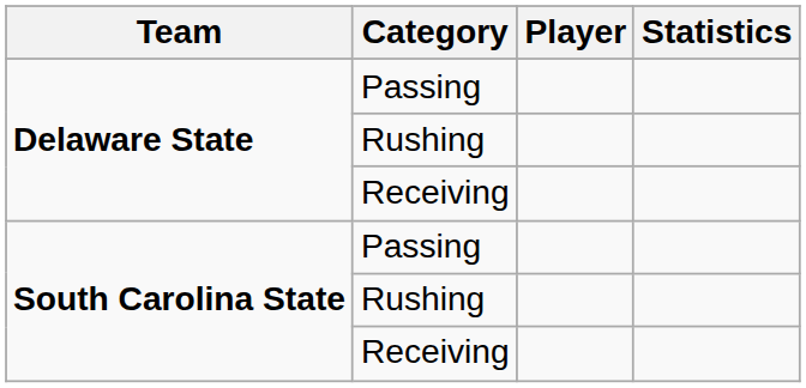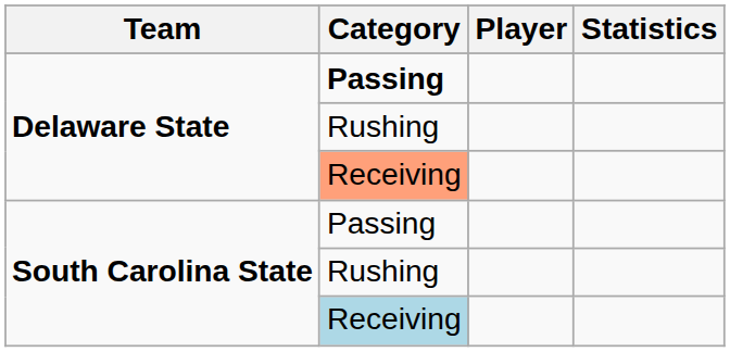 <table class="wikitable" style="float: right;">
 <tr>
 <th>Team</th>
 <th>Category</th>
 <th>Player</th>
 <th>Statistics</th>
 </tr>
 <tr>
 <td rowspan=3><strong>Delaware State</strong></td>
-<td>Passing</td>
+<td><strong>Passing</strong></td>
 <td></td>
 <td></td>
 </tr>
 <tr>
 <td>Rushing</td>
 <td></td>
 <td></td>
 </tr>
 <tr>
-<td>Receiving</td>
+<td style="background: lightsalmon;">Receiving</td>
 <td></td>
 <td></td>
 </tr>
 <tr>
 <td rowspan=3><strong>South Carolina State</strong></td>
 <td>Passing</td>
 <td></td>
 <td></td>
 </tr>
 <tr>
 <td>Rushing</td>
 <td></td>
 <td></td>
 </tr>
 <tr>
-<td>Receiving</td>
+<td style="background: lightblue;">Receiving</td>
 <td></td>
 <td></td>
 </tr>
 </table>
